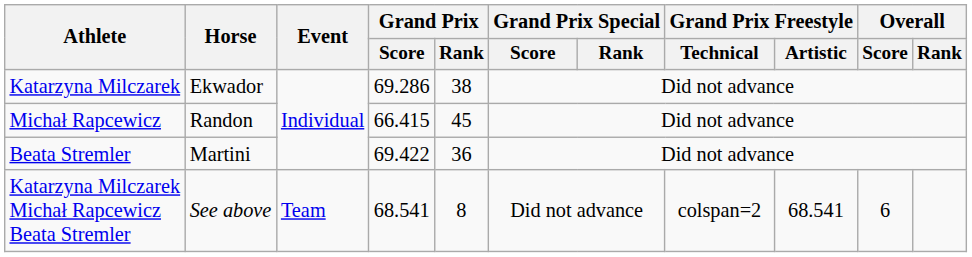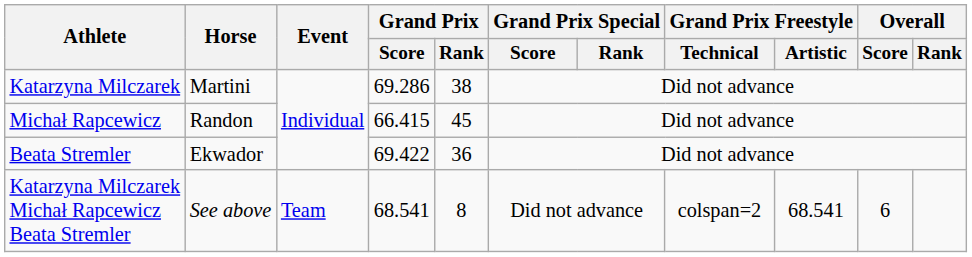 <table class=wikitable style="font-size:90%">
 <tr>
 <th rowspan="2">Athlete</th>
 <th rowspan="2">Horse</th>
 <th rowspan="2">Event</th>
 <th colspan="2">Grand Prix</th>
 <th colspan="2">Grand Prix Special</th>
 <th colspan="2">Grand Prix Freestyle</th>
 <th colspan="2">Overall</th>
 </tr>
 <tr style="font-size:95%">
 <th>Score</th>
 <th>Rank</th>
 <th>Score</th>
 <th>Rank</th>
 <th>Technical</th>
 <th>Artistic</th>
 <th>Score</th>
 <th>Rank</th>
 </tr>
 <tr align=center>
 <td align=left><a href='#'>Katarzyna Milczarek</a></td>
-<td align=left>Ekwador</td>
+<td align=left>Martini</td>
 <td align=left rowspan=3><a href='#'>Individual</a></td>
 <td>69.286</td>
 <td>38</td>
 <td colspan=6>Did not advance</td>
 </tr>
 <tr align=center>
 <td align=left><a href='#'>Michał Rapcewicz</a></td>
 <td align=left>Randon</td>
 <td>66.415</td>
 <td>45</td>
 <td colspan=6>Did not advance</td>
 </tr>
 <tr align=center>
 <td align=left><a href='#'>Beata Stremler</a></td>
-<td align=left>Martini</td>
+<td align=left>Ekwador</td>
 <td>69.422</td>
 <td>36</td>
 <td colspan=6>Did not advance</td>
 </tr>
 <tr align=center>
 <td align=left><a href='#'>Katarzyna Milczarek</a><br><a href='#'>Michał Rapcewicz</a><br><a href='#'>Beata Stremler</a></td>
 <td align=left><em>See above</em></td>
 <td align=left><a href='#'>Team</a></td>
 <td>68.541</td>
 <td>8</td>
 <td colspan=2>Did not advance</td>
 <td>colspan=2 </td>
 <td>68.541</td>
 <td>6</td>
 </tr>
 </table>
